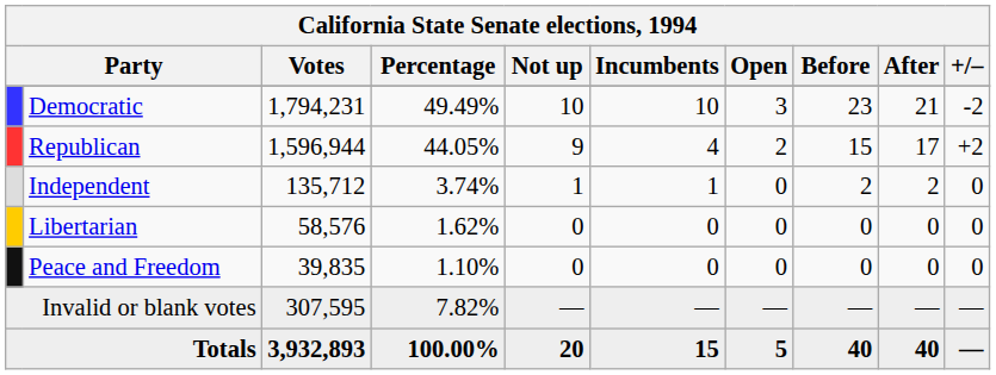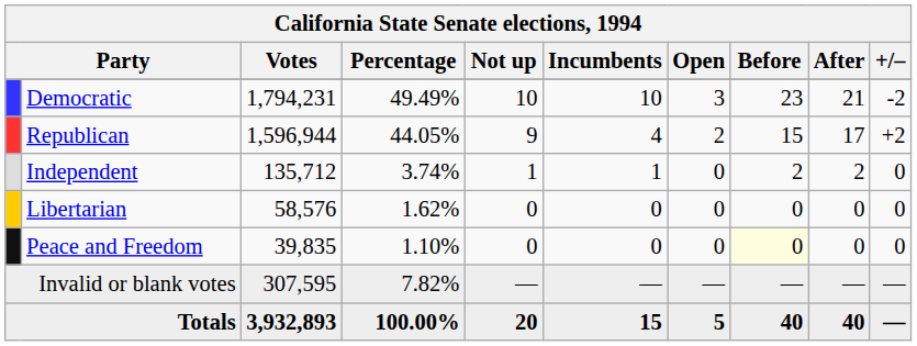 <table class="wikitable" style="font-size:95%;">
 <tr>
 <th colspan="10">California State Senate elections, 1994</th>
 </tr>
 <tr>
 <th colspan=2 style="width: 10em">Party</th>
 <th style="width: 4em">Votes</th>
 <th style="width: 5em">Percentage</th>
 <th style="width: 3em">Not up</th>
 <th style="width: 5em">Incumbents</th>
 <th style="width: 2em">Open</th>
 <th style="width: 3em">Before</th>
 <th style="width: 2em">After</th>
 <th style="width: 1em">+/–</th>
 </tr>
 <tr>
 </tr>
 <tr>
 <th style="background-color:#3333FF; width: 3px"></th>
 <td style="width: 130px"><a href='#'>Democratic</a></td>
 <td align="right">1,794,231</td>
 <td align="right">49.49%</td>
 <td align="right">10</td>
 <td align="right">10</td>
 <td align="right">3</td>
 <td align="right">23</td>
 <td align="right">21</td>
 <td align="right">-2</td>
 </tr>
 <tr>
 <th style="background-color:#FF3333; width: 3px"></th>
 <td style="width: 130px"><a href='#'>Republican</a></td>
 <td align="right">1,596,944</td>
 <td align="right">44.05%</td>
 <td align="right">9</td>
 <td align="right">4</td>
 <td align="right">2</td>
 <td align="right">15</td>
 <td align="right">17</td>
 <td align="right">+2</td>
 </tr>
 <tr>
 <th style="background-color:#DDDDDD; width: 3px"></th>
 <td style="width: 130px"><a href='#'>Independent</a></td>
 <td align="right">135,712</td>
 <td align="right">3.74%</td>
 <td align="right">1</td>
 <td align="right">1</td>
 <td align="right">0</td>
 <td align="right">2</td>
 <td align="right">2</td>
 <td align="right">0</td>
 </tr>
 <tr>
 <th style="background-color:#FFCC00; width: 3px"></th>
 <td style="width: 130px"><a href='#'>Libertarian</a></td>
 <td align="right">58,576</td>
 <td align="right">1.62%</td>
 <td align="right">0</td>
 <td align="right">0</td>
 <td align="right">0</td>
 <td align="right">0</td>
 <td align="right">0</td>
 <td align="right">0</td>
 </tr>
 <tr>
 <th style="background-color:#111111; width: 3px"></th>
 <td style="width: 130px"><a href='#'>Peace and Freedom</a></td>
 <td align="right">39,835</td>
 <td align="right">1.10%</td>
 <td align="right">0</td>
 <td align="right">0</td>
 <td align="right">0</td>
-<td align="right">0</td>
+<td align="right" style="background: lightyellow;">0</td>
 <td align="right">0</td>
 <td align="right">0</td>
 </tr>
 <tr bgcolor="#EEEEEE">
 <td colspan="2" align="right">Invalid or blank votes</td>
 <td align="right">307,595</td>
 <td align="right">7.82%</td>
 <td align="right">—</td>
 <td align="right">—</td>
 <td align="right">—</td>
 <td align="right">—</td>
 <td align="right">—</td>
 <td align="right">—</td>
 </tr>
 <tr bgcolor="#EEEEEE">
 <td colspan="2" align="right"><strong>Totals</strong></td>
 <td align="right"><strong>3,932,893</strong></td>
 <td align="right"><strong>100.00%</strong></td>
 <td align="right"><strong>20</strong></td>
 <td align="right"><strong>15</strong></td>
 <td align="right"><strong>5</strong></td>
 <td align="right"><strong>40</strong></td>
 <td align="right"><strong>40</strong></td>
 <td align="right"><strong>—</strong></td>
 </tr>
 </table>
